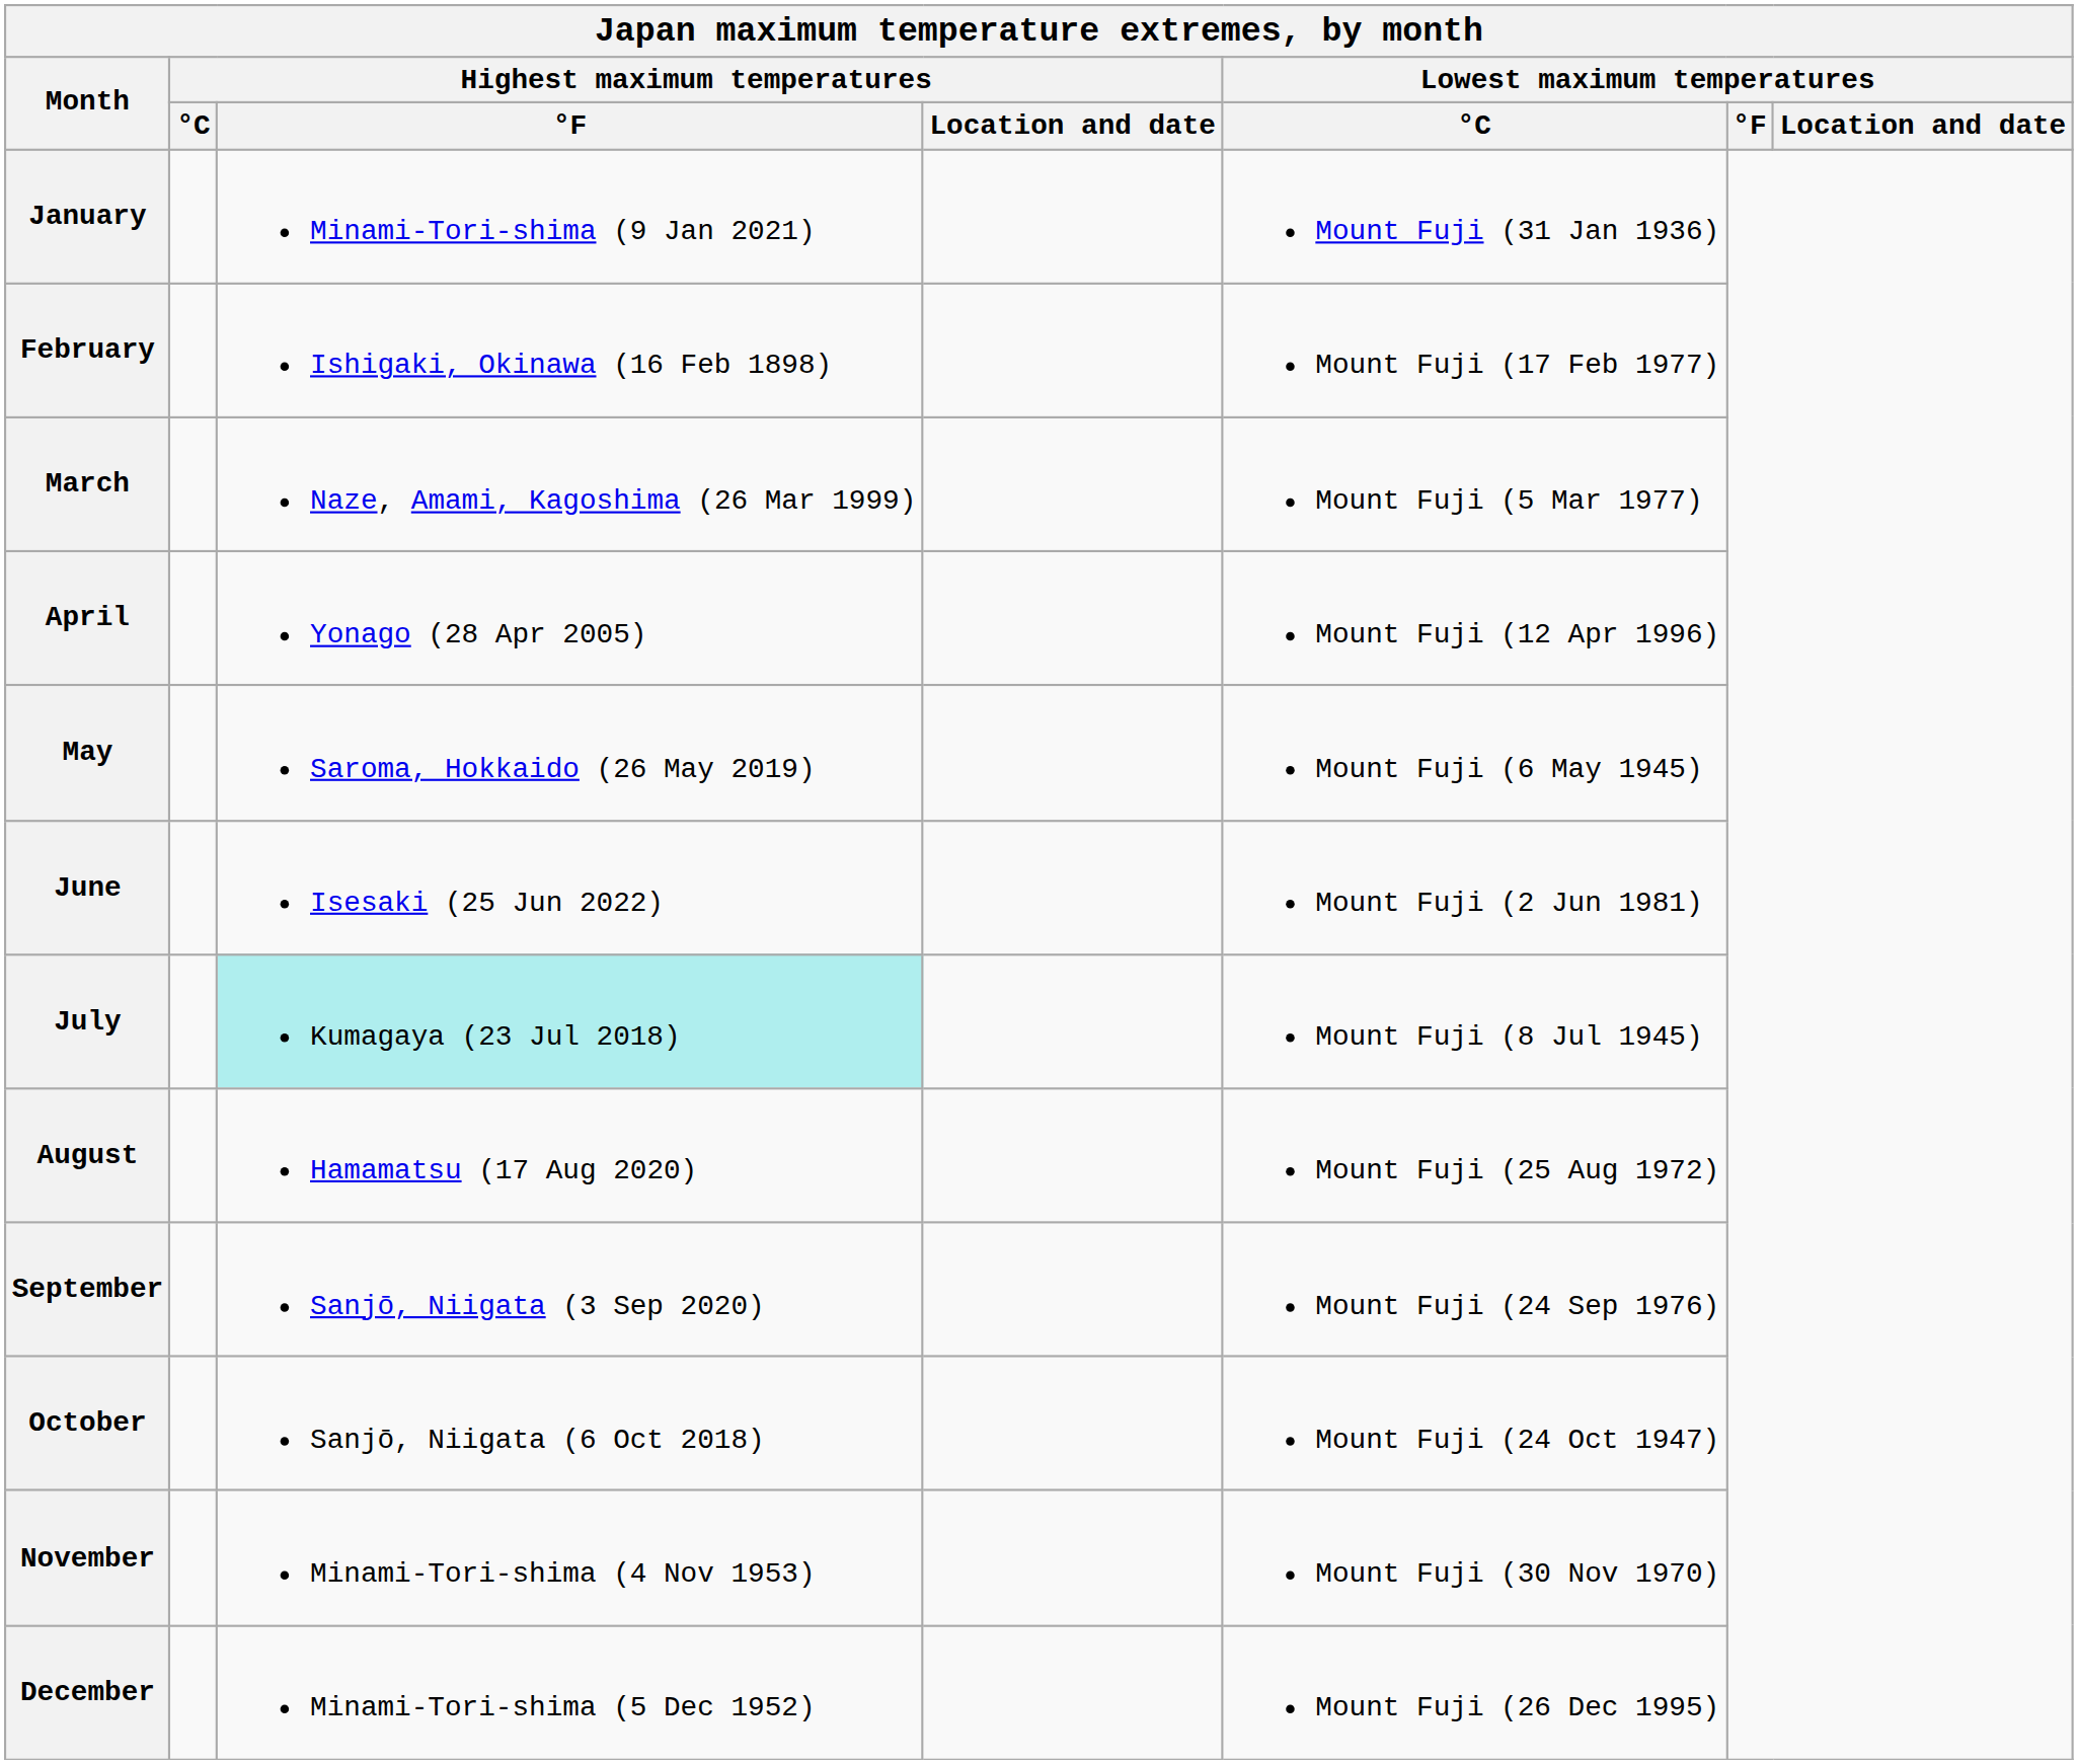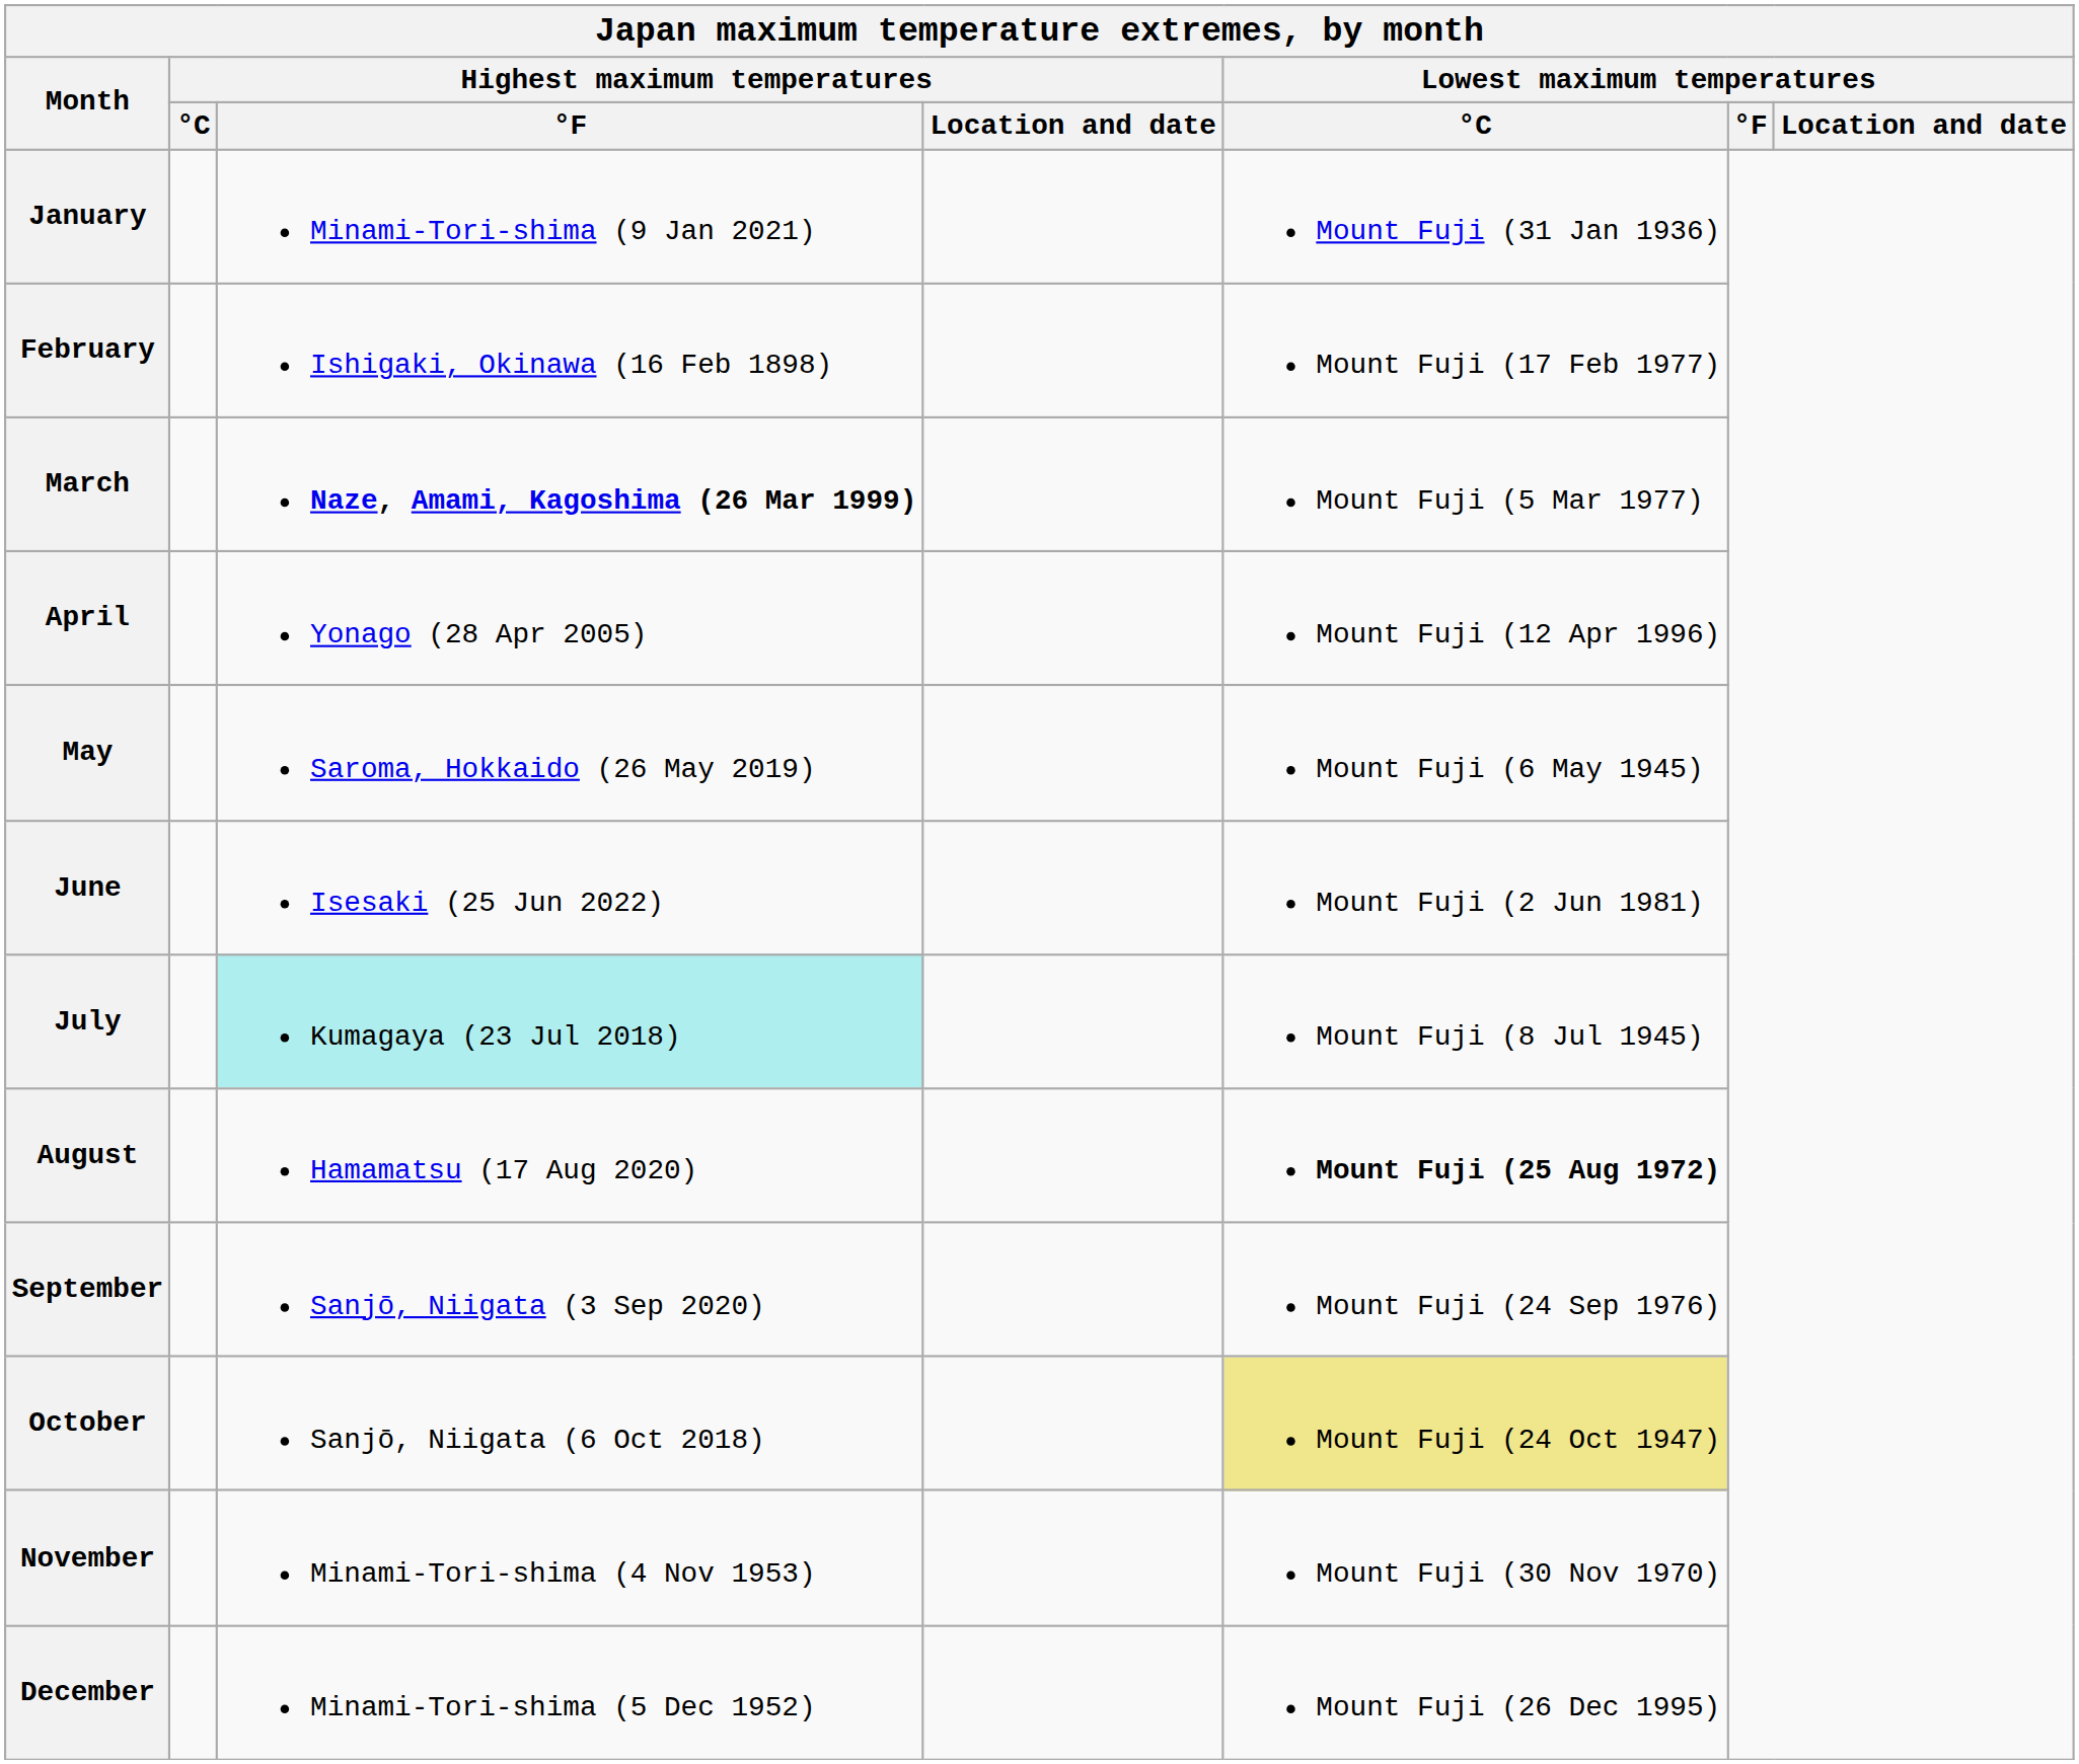 <table class=wikitable>
 <tr>
 <th colspan=7><big>Japan maximum temperature extremes, by month</big></th>
 </tr>
 <tr>
 <th rowspan=2>Month</th>
 <th colspan=3>Highest maximum temperatures</th>
 <th colspan=3>Lowest maximum temperatures</th>
 </tr>
 <tr>
 <th>°C</th>
 <th>°F</th>
 <th>Location and date</th>
 <th>°C</th>
 <th>°F</th>
 <th>Location and date</th>
 </tr>
 <tr>
 <th>January</th>
 <td></td>
 <td><br><ul><li><a href='#'>Minami-Tori-shima</a> (9 Jan 2021)</li></ul></td>
 <td></td>
 <td><br><ul><li><a href='#'>Mount Fuji</a> (31 Jan 1936)</li></ul></td>
 </tr>
 <tr>
 <th>February</th>
 <td></td>
 <td><br><ul><li><a href='#'>Ishigaki, Okinawa</a> (16 Feb 1898)</li></ul></td>
 <td></td>
 <td><br><ul><li>Mount Fuji (17 Feb 1977)</li></ul></td>
 </tr>
 <tr>
 <th>March</th>
 <td></td>
-<td><br><ul><li><a href='#'>Naze</a>, <a href='#'>Amami, Kagoshima</a> (26 Mar 1999)</li></ul></td>
+<td><strong><br><ul><li><a href='#'>Naze</a>, <a href='#'>Amami, Kagoshima</a> (26 Mar 1999)</li></ul></strong></td>
 <td></td>
 <td><br><ul><li>Mount Fuji (5 Mar 1977)</li></ul></td>
 </tr>
 <tr>
 <th>April</th>
 <td></td>
 <td><br><ul><li><a href='#'>Yonago</a> (28 Apr 2005)</li></ul></td>
 <td></td>
 <td><br><ul><li>Mount Fuji (12 Apr 1996)</li></ul></td>
 </tr>
 <tr>
 <th>May</th>
 <td></td>
 <td><br><ul><li><a href='#'>Saroma, Hokkaido</a> (26 May 2019)</li></ul></td>
 <td></td>
 <td><br><ul><li>Mount Fuji (6 May 1945)</li></ul></td>
 </tr>
 <tr>
 <th>June</th>
 <td></td>
 <td><br><ul><li><a href='#'>Isesaki</a> (25 Jun 2022) </li></ul></td>
 <td></td>
 <td><br><ul><li>Mount Fuji (2 Jun 1981)</li></ul></td>
 </tr>
 <tr>
 <th>July</th>
 <td></td>
 <td style="background: paleturquoise;"><br><ul><li>Kumagaya (23 Jul 2018)</li></ul></td>
 <td></td>
 <td><br><ul><li>Mount Fuji (8 Jul 1945)</li></ul></td>
 </tr>
 <tr>
 <th>August</th>
 <td></td>
 <td><br><ul><li><a href='#'>Hamamatsu</a> (17 Aug 2020)</li></ul></td>
 <td></td>
-<td><br><ul><li>Mount Fuji (25 Aug 1972)</li></ul></td>
+<td><strong><br><ul><li>Mount Fuji (25 Aug 1972)</li></ul></strong></td>
 </tr>
 <tr>
 <th>September</th>
 <td></td>
 <td><br><ul><li><a href='#'>Sanjō, Niigata</a> (3 Sep 2020)</li></ul></td>
 <td></td>
 <td><br><ul><li>Mount Fuji (24 Sep 1976)</li></ul></td>
 </tr>
 <tr>
 <th>October</th>
 <td></td>
 <td><br><ul><li>Sanjō, Niigata (6 Oct 2018)</li></ul></td>
 <td></td>
-<td><br><ul><li>Mount Fuji (24 Oct 1947)</li></ul></td>
+<td style="background: khaki;"><br><ul><li>Mount Fuji (24 Oct 1947)</li></ul></td>
 </tr>
 <tr>
 <th>November</th>
 <td></td>
 <td><br><ul><li>Minami-Tori-shima (4 Nov 1953)</li></ul></td>
 <td></td>
 <td><br><ul><li>Mount Fuji (30 Nov 1970)</li></ul></td>
 </tr>
 <tr>
 <th>December</th>
 <td></td>
 <td><br><ul><li>Minami-Tori-shima (5 Dec 1952)</li></ul></td>
 <td></td>
 <td><br><ul><li>Mount Fuji (26 Dec 1995)</li></ul></td>
 </tr>
 </table>
